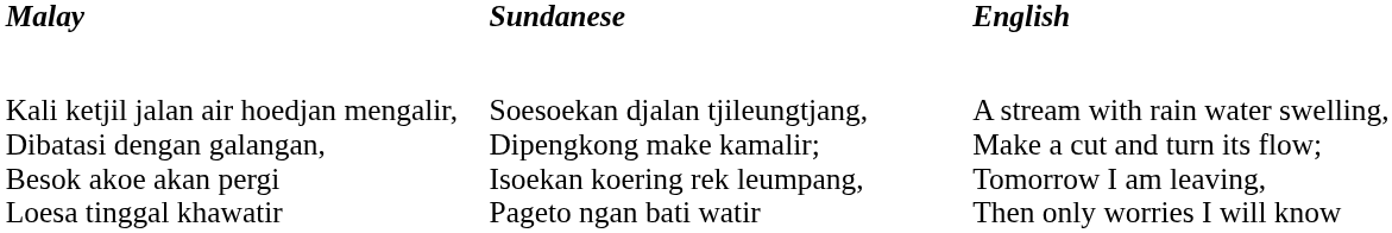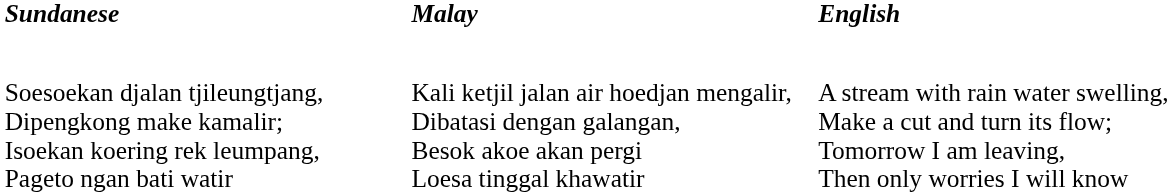 <table cellpadding=6>
 <tr>
+<td style="width:33%;"><strong><em>Sundanese</em></strong></td>
 <td style="width:33%;"><strong><em>Malay</em></strong></td>
-<td style="width:33%;"><strong><em>Sundanese</em></strong></td>
 <td style="width:33%;"><strong><em>English</em></strong></td>
 </tr>
 <tr style="vertical-align:top; white-space:nowrap;">
+<td style="width:33%;"><br>Soesoekan djalan tjileungtjang,<br> Dipengkong make kamalir;<br> Isoekan koering rek leumpang,<br> Pageto ngan bati watir</td>
 <td style="width:33%;"><br>Kali ketjil jalan air hoedjan mengalir,<br> Dibatasi dengan galangan,<br> Besok akoe akan pergi<br> Loesa tinggal khawatir</td>
-<td style="width:33%;"><br>Soesoekan djalan tjileungtjang,<br> Dipengkong make kamalir;<br> Isoekan koering rek leumpang,<br> Pageto ngan bati watir</td>
 <td style="width:33%;"><br>A stream with rain water swelling,<br> Make a cut and turn its flow;<br> Tomorrow I am leaving,<br> Then only worries I will know</td>
 </tr>
 </table>
